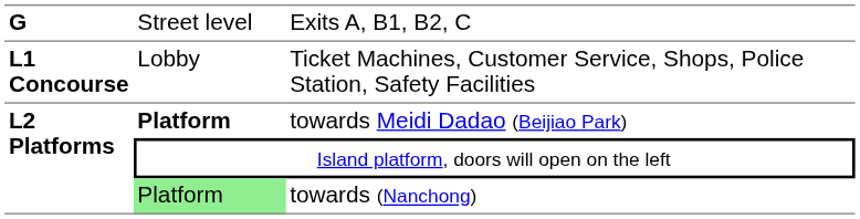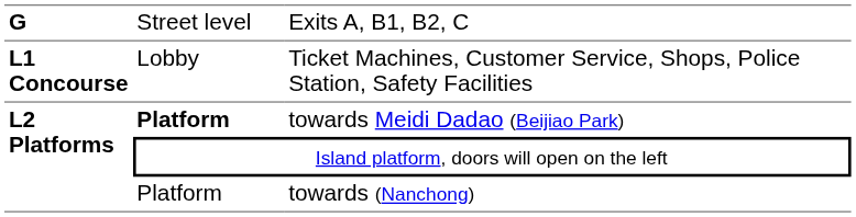 <table table border=0 cellspacing=0 cellpadding=3>
 <tr>
 <td style="border-top:solid 1px gray;" width=50 valign=top><strong>G</strong></td>
 <td style="border-top:solid 1px gray;" width=100 valign=top>Street level</td>
 <td style="border-top:solid 1px gray;" width=390 valign=top>Exits A, B1, B2, C</td>
 </tr>
 <tr>
 <td style="border-bottom:solid 1px gray; border-top:solid 1px gray;" valign=top><strong>L1<br>Concourse</strong></td>
 <td style="border-bottom:solid 1px gray; border-top:solid 1px gray;" valign=top>Lobby</td>
 <td style="border-bottom:solid 1px gray; border-top:solid 1px gray;" valign=top>Ticket Machines, Customer Service, Shops, Police Station, Safety Facilities</td>
 </tr>
 <tr>
 <td style="border-bottom:solid 1px gray;" rowspan=3 valign=top><strong>L2<br>Platforms</strong></td>
 <td><strong>Platform </strong></td>
 <td>   towards <a href='#'>Meidi Dadao</a> <small>(<a href='#'>Beijiao Park</a>)</small></td>
 </tr>
 <tr>
 <td style="border-right:solid 2px black;border-left:solid 2px black;border-top:solid 2px black;border-bottom:solid 2px black;text-align:center;" colspan=2><small><a href='#'>Island platform</a>, doors will open on the left</small></td>
 </tr>
 <tr>
-<td style="background: lightgreen; border-bottom:solid 1px gray;">Platform </td>
+<td style="border-bottom:solid 1px gray;">Platform </td>
 <td style="border-bottom:solid 1px gray;">  towards  <small>(<a href='#'>Nanchong</a>)</small> </td>
 </tr>
 </table>
